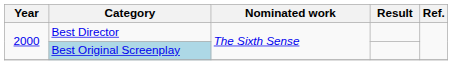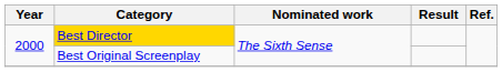 <table class=wikitable>
 <tr>
 <th scope="col" style="width:5em;">Year</th>
 <th scope="col" style="width:26em;">Category</th>
 <th scope="col" style="width:25em;">Nominated work</th>
 <th scope="col" style="width:5em;">Result</th>
 <th>Ref.</th>
 </tr>
 <tr>
 <td style="text-align:center;", rowspan="2"><a href='#'>2000</a></td>
-<td><a href='#'>Best Director</a></td>
+<td style="background: gold;"><a href='#'>Best Director</a></td>
 <td rowspan="2"><em><a href='#'>The Sixth Sense</a></em></td>
 <td></td>
 <td style="text-align:center;", rowspan=2></td>
 </tr>
 <tr>
-<td style="background: lightblue;"><a href='#'>Best Original Screenplay</a></td>
+<td><a href='#'>Best Original Screenplay</a></td>
 <td></td>
 </tr>
 <tr>
 </tr>
 </table>
